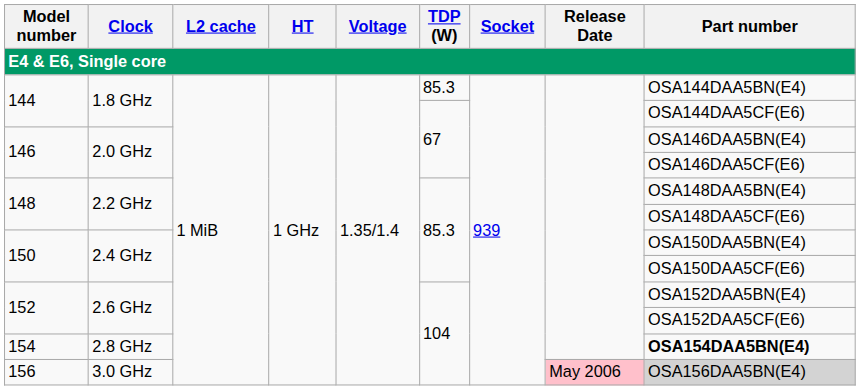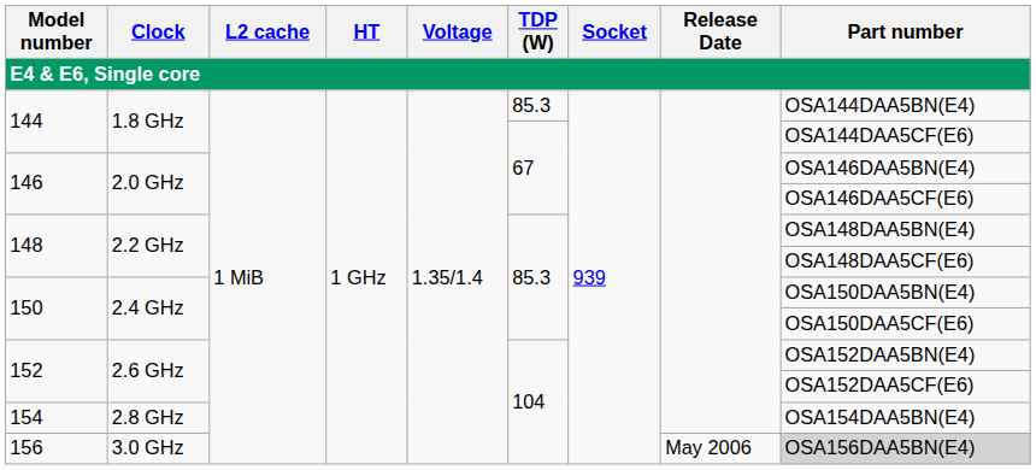 <table style="width:835px; px;" class="wikitable">
 <tr>
 <th>Model<br>number</th>
 <th><a href='#'>Clock</a></th>
 <th><a href='#'>L2 cache</a></th>
 <th><a href='#'>HT</a></th>
 <th><a href='#'>Voltage</a></th>
 <th><a href='#'>TDP</a><br>(W)</th>
 <th><a href='#'>Socket</a></th>
 <th>Release<br>Date</th>
 <th>Part number</th>
 </tr>
 <tr>
 <td colspan="10" style="text-align:left; background:#096; color:white;"><strong>E4 & E6, Single core</strong></td>
 </tr>
 <tr>
 <td rowspan="2">144</td>
 <td rowspan="2">1.8 GHz</td>
 <td rowspan="12">1 MiB</td>
 <td rowspan="12">1 GHz</td>
 <td rowspan="12">1.35/1.4</td>
 <td>85.3</td>
 <td rowspan="12"><a href='#'>939</a></td>
 <td rowspan="11"></td>
 <td>OSA144DAA5BN(E4)</td>
 </tr>
 <tr>
 <td rowspan="3">67</td>
 <td>OSA144DAA5CF(E6)</td>
 </tr>
 <tr>
 <td rowspan="2">146</td>
 <td rowspan="2">2.0 GHz</td>
 <td>OSA146DAA5BN(E4)</td>
 </tr>
 <tr>
 <td>OSA146DAA5CF(E6)</td>
 </tr>
 <tr>
 <td rowspan="2">148</td>
 <td rowspan="2">2.2 GHz</td>
 <td rowspan="4">85.3</td>
 <td>OSA148DAA5BN(E4)</td>
 </tr>
 <tr>
 <td>OSA148DAA5CF(E6)</td>
 </tr>
 <tr>
 <td rowspan="2">150</td>
 <td rowspan="2">2.4 GHz</td>
 <td>OSA150DAA5BN(E4)</td>
 </tr>
 <tr>
 <td>OSA150DAA5CF(E6)</td>
 </tr>
 <tr>
 <td rowspan="2">152</td>
 <td rowspan="2">2.6 GHz</td>
 <td rowspan="4">104</td>
 <td>OSA152DAA5BN(E4)</td>
 </tr>
 <tr>
 <td>OSA152DAA5CF(E6)</td>
 </tr>
 <tr>
 <td>154</td>
 <td>2.8 GHz</td>
-<td><strong>OSA154DAA5BN(E4)</strong></td>
+<td>OSA154DAA5BN(E4)</td>
 </tr>
 <tr>
 <td>156</td>
 <td>3.0 GHz</td>
-<td style="background: pink;">May 2006</td>
+<td>May 2006</td>
 <td style="background: lightgrey;">OSA156DAA5BN(E4)</td>
 </tr>
 </table>
